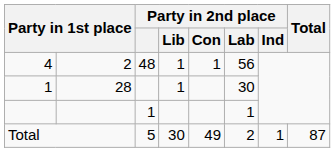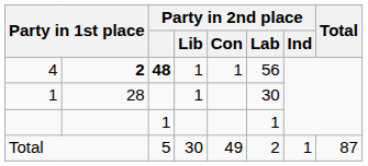 <table class="wikitable" style="text-align:right;">
 <tr>
 <th rowspan="2" colspan="2" style="text-align:left;">Party in 1st place</th>
 <th colspan="5">Party in 2nd place</th>
 <th rowspan="2">Total</th>
 </tr>
 <tr>
 <th></th>
 <th>Lib</th>
 <th>Con</th>
 <th>Lab</th>
 <th>Ind</th>
 </tr>
 <tr>
 <td>4</td>
-<td>2</td>
-<td>48</td>
+<td><strong>2</strong></td>
+<td><strong>48</strong></td>
 <td>1</td>
 <td>1</td>
 <td>56</td>
 </tr>
 <tr>
 <td>1</td>
 <td>28</td>
 <td></td>
 <td>1</td>
 <td></td>
 <td>30</td>
 </tr>
 <tr>
 <td></td>
 <td></td>
 <td>1</td>
 <td></td>
 <td></td>
 <td>1</td>
 </tr>
 <tr>
 <td colspan="2" style="text-align:left;">Total</td>
 <td>5</td>
 <td>30</td>
 <td>49</td>
 <td>2</td>
 <td>1</td>
 <td>87</td>
 </tr>
 </table>
